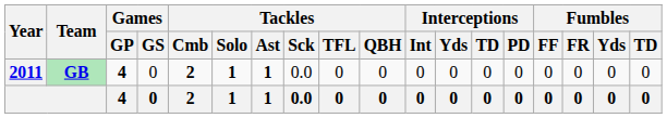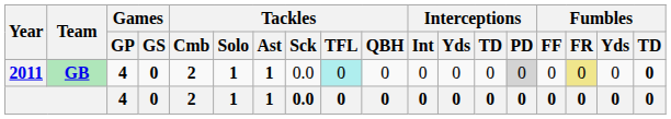 <table class="wikitable" style="text-align:center;">
 <tr>
 </tr>
 <tr>
 <th rowspan="2">Year</th>
 <th rowspan="2">Team</th>
 <th colspan="2">Games</th>
 <th colspan="6">Tackles</th>
 <th colspan="4">Interceptions</th>
 <th colspan="4">Fumbles</th>
 </tr>
 <tr>
 <th>GP</th>
 <th>GS</th>
 <th>Cmb</th>
 <th>Solo</th>
 <th>Ast</th>
 <th>Sck</th>
 <th>TFL</th>
 <th>QBH</th>
 <th>Int</th>
 <th>Yds</th>
 <th>TD</th>
 <th>PD</th>
 <th>FF</th>
 <th>FR</th>
 <th>Yds</th>
 <th>TD</th>
 </tr>
 <tr>
 <th><a href='#'>2011</a></th>
 <th style="background:#afe6ba; width:3em;"><a href='#'>GB</a></th>
 <td><strong>4</strong></td>
-<td>0</td>
+<td><strong>0</strong></td>
 <td><strong>2</strong></td>
 <td><strong>1</strong></td>
 <td><strong>1</strong></td>
 <td>0.0</td>
+<td style="background: paleturquoise;">0</td>
 <td>0</td>
 <td>0</td>
 <td>0</td>
 <td>0</td>
+<td style="background: lightgrey;">0</td>
 <td>0</td>
+<td style="background: khaki;">0</td>
 <td>0</td>
-<td>0</td>
-<td>0</td>
-<td>0</td>
-<td>0</td>
+<td><strong>0</strong></td>
 </tr>
 <tr>
 <th colspan="2"></th>
 <th>4</th>
 <th>0</th>
 <th>2</th>
 <th>1</th>
 <th>1</th>
 <th>0.0</th>
 <th>0</th>
 <th>0</th>
 <th>0</th>
 <th>0</th>
 <th>0</th>
 <th>0</th>
 <th>0</th>
 <th>0</th>
 <th>0</th>
 <th>0</th>
 </tr>
 </table>
